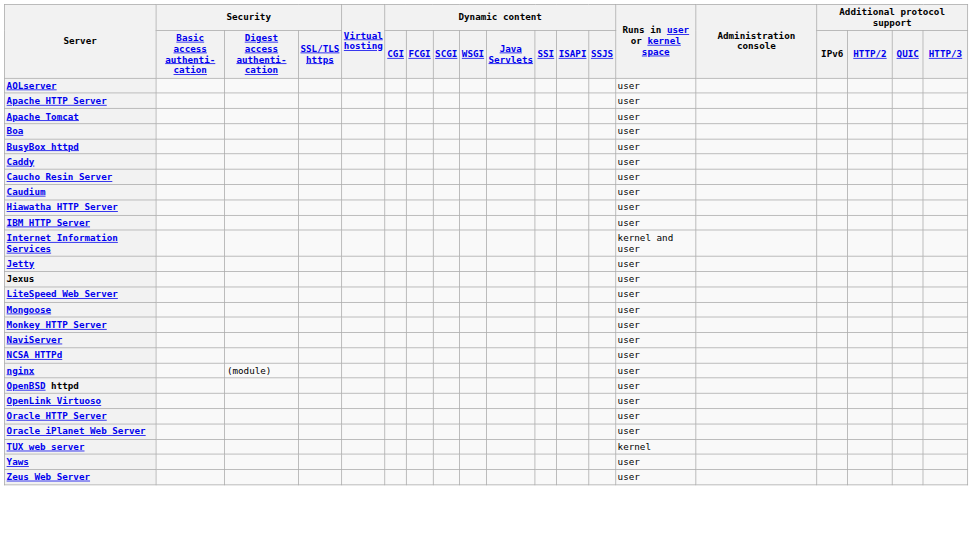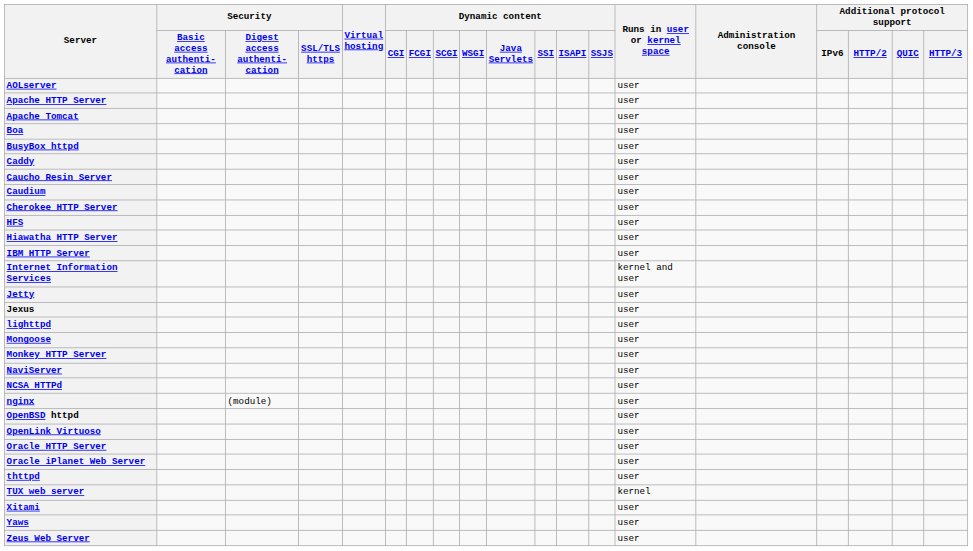 <table class="wikitable sortable sort-under sticky-header-multi" style="font-size: small;">
 <tr>
 <th rowspan="2">Server</th>
 <th colspan="3">Security</th>
 <th rowspan="2"><a href='#'>Virtual<br>hosting</a></th>
 <th colspan="8">Dynamic content</th>
 <th rowspan="2">Runs in <a href='#'>user</a><br>or <a href='#'>kernel space</a></th>
 <th rowspan="2">Administration console</th>
 <th colspan="4">Additional protocol support</th>
 </tr>
 <tr>
 <th><a href='#'>Basic access<br>authenti-<br>cation</a></th>
 <th><a href='#'>Digest access<br>authenti-<br>cation</a></th>
 <th><a href='#'>SSL/TLS</a><br><a href='#'>https</a></th>
 <th><a href='#'>CGI</a></th>
 <th><a href='#'>FCGI</a></th>
 <th><a href='#'>SCGI</a></th>
 <th><a href='#'>WSGI</a></th>
 <th><a href='#'>Java<br>Servlets</a></th>
 <th><a href='#'>SSI</a></th>
 <th><a href='#'>ISAPI</a></th>
 <th><a href='#'>SSJS</a></th>
 <th>IPv6</th>
 <th><a href='#'>HTTP/2</a></th>
 <th><a href='#'>QUIC</a></th>
 <th><a href='#'>HTTP/3</a></th>
 </tr>
 <tr>
 <th style="text-align: left"><a href='#'>AOLserver</a></th>
 <td></td>
 <td></td>
 <td></td>
 <td></td>
 <td></td>
 <td></td>
 <td></td>
 <td></td>
 <td></td>
 <td></td>
 <td></td>
 <td></td>
 <td>user</td>
 <td></td>
 <td></td>
 <td></td>
 <td></td>
 <td></td>
 </tr>
 <tr>
 <th style="text-align: left"><a href='#'>Apache HTTP Server</a></th>
 <td></td>
 <td></td>
 <td></td>
 <td></td>
 <td></td>
 <td></td>
 <td></td>
 <td></td>
 <td></td>
 <td></td>
 <td></td>
 <td></td>
 <td>user</td>
 <td></td>
 <td></td>
 <td></td>
 <td></td>
 <td></td>
 </tr>
 <tr>
 <th style="text-align: left"><a href='#'>Apache Tomcat</a></th>
 <td></td>
 <td></td>
 <td></td>
 <td></td>
 <td></td>
 <td></td>
 <td></td>
 <td></td>
 <td></td>
 <td></td>
 <td></td>
 <td></td>
 <td>user</td>
 <td></td>
 <td></td>
 <td></td>
 <td></td>
 <td></td>
 </tr>
 <tr>
 <th style="text-align: left"><a href='#'>Boa</a></th>
 <td></td>
 <td></td>
 <td></td>
 <td></td>
 <td></td>
 <td></td>
 <td></td>
 <td></td>
 <td></td>
 <td></td>
 <td></td>
 <td></td>
 <td>user</td>
 <td></td>
 <td></td>
 <td></td>
 <td></td>
 <td></td>
 </tr>
 <tr>
 <th style="text-align: left"><a href='#'>BusyBox httpd</a></th>
 <td></td>
 <td></td>
 <td></td>
 <td></td>
 <td></td>
 <td></td>
 <td></td>
 <td></td>
 <td></td>
 <td></td>
 <td></td>
 <td></td>
 <td>user</td>
 <td></td>
 <td></td>
 <td></td>
 <td></td>
 <td></td>
 </tr>
 <tr>
 <th style="text-align: left"><a href='#'>Caddy</a></th>
 <td></td>
 <td></td>
 <td></td>
 <td></td>
 <td></td>
 <td></td>
 <td></td>
 <td></td>
 <td></td>
 <td></td>
 <td></td>
 <td></td>
 <td>user</td>
 <td></td>
 <td></td>
 <td></td>
 <td></td>
 <td></td>
 </tr>
 <tr>
 <th style="text-align: left"><a href='#'>Caucho Resin Server</a></th>
 <td></td>
 <td></td>
 <td></td>
 <td></td>
 <td></td>
 <td></td>
 <td></td>
 <td></td>
 <td></td>
 <td></td>
 <td></td>
 <td></td>
 <td>user</td>
 <td></td>
 <td></td>
 <td></td>
 <td></td>
 <td></td>
 </tr>
 <tr>
 <th style="text-align: left"><a href='#'>Caudium</a></th>
 <td></td>
 <td></td>
 <td></td>
 <td></td>
 <td></td>
 <td></td>
 <td></td>
 <td></td>
 <td></td>
 <td></td>
 <td></td>
 <td></td>
 <td>user</td>
 <td></td>
 <td></td>
 <td></td>
 <td></td>
 <td></td>
 </tr>
 <tr>
+<th style="text-align: left"><a href='#'>Cherokee HTTP Server</a></th>
+<td></td>
+<td></td>
+<td></td>
+<td></td>
+<td></td>
+<td></td>
+<td></td>
+<td></td>
+<td></td>
+<td></td>
+<td></td>
+<td></td>
+<td>user</td>
+<td></td>
+<td></td>
+<td></td>
+<td></td>
+<td></td>
+</tr>
+<tr>
+<th style="text-align: left"><a href='#'>HFS</a></th>
+<td></td>
+<td></td>
+<td></td>
+<td></td>
+<td></td>
+<td></td>
+<td></td>
+<td></td>
+<td></td>
+<td></td>
+<td></td>
+<td></td>
+<td>user</td>
+<td></td>
+<td></td>
+<td></td>
+<td></td>
+<td></td>
+</tr>
+<tr>
 <th style="text-align: left"><a href='#'>Hiawatha HTTP Server</a></th>
 <td></td>
 <td></td>
 <td></td>
 <td></td>
 <td></td>
 <td></td>
 <td></td>
 <td></td>
 <td></td>
 <td></td>
 <td></td>
 <td></td>
 <td>user</td>
 <td></td>
 <td></td>
 <td></td>
 <td></td>
 <td></td>
 </tr>
 <tr>
 <th style="text-align: left"><a href='#'>IBM HTTP Server</a></th>
 <td></td>
 <td></td>
 <td></td>
 <td></td>
 <td></td>
 <td></td>
 <td></td>
 <td></td>
 <td></td>
 <td></td>
 <td></td>
 <td></td>
 <td>user</td>
 <td></td>
 <td></td>
 <td></td>
 <td></td>
 <td></td>
 </tr>
 <tr>
 <th style="text-align: left"><a href='#'>Internet Information Services</a></th>
 <td></td>
 <td></td>
 <td></td>
 <td></td>
 <td></td>
 <td></td>
 <td></td>
 <td></td>
 <td></td>
 <td></td>
 <td></td>
 <td></td>
 <td>kernel and user</td>
 <td></td>
 <td></td>
 <td></td>
 <td></td>
 <td></td>
 </tr>
 <tr>
 <th style="text-align: left"><a href='#'>Jetty</a></th>
 <td></td>
 <td></td>
 <td></td>
 <td></td>
 <td></td>
 <td></td>
 <td></td>
 <td></td>
 <td></td>
 <td></td>
 <td></td>
 <td></td>
 <td>user</td>
 <td></td>
 <td></td>
 <td></td>
 <td></td>
 <td></td>
 </tr>
 <tr>
 <th style="text-align: left">Jexus</th>
 <td></td>
 <td></td>
 <td></td>
 <td></td>
 <td></td>
 <td></td>
 <td></td>
 <td></td>
 <td></td>
 <td></td>
 <td></td>
 <td></td>
 <td>user</td>
 <td></td>
 <td></td>
 <td></td>
 <td></td>
 <td></td>
 </tr>
 <tr>
-<th style="text-align: left"><a href='#'>LiteSpeed Web Server</a></th>
+<th style="text-align: left"><a href='#'>lighttpd</a></th>
 <td></td>
 <td></td>
 <td></td>
 <td></td>
 <td></td>
 <td></td>
 <td></td>
 <td></td>
 <td></td>
 <td></td>
 <td></td>
 <td></td>
 <td>user</td>
 <td></td>
 <td></td>
 <td></td>
 <td></td>
 <td></td>
 </tr>
 <tr>
 <th style="text-align: left"><a href='#'>Mongoose</a></th>
 <td></td>
 <td></td>
 <td></td>
 <td></td>
 <td></td>
 <td></td>
 <td></td>
 <td></td>
 <td></td>
 <td></td>
 <td></td>
 <td></td>
 <td>user</td>
 <td></td>
 <td></td>
 <td></td>
 <td></td>
 <td></td>
 </tr>
 <tr>
 <th style="text-align: left"><a href='#'>Monkey HTTP Server</a></th>
 <td></td>
 <td></td>
 <td></td>
 <td></td>
 <td></td>
 <td></td>
 <td></td>
 <td></td>
 <td></td>
 <td></td>
 <td></td>
 <td></td>
 <td>user</td>
 <td></td>
 <td></td>
 <td></td>
 <td></td>
 <td></td>
 </tr>
 <tr>
 <th style="text-align: left"><a href='#'>NaviServer</a></th>
 <td></td>
 <td></td>
 <td></td>
 <td></td>
 <td></td>
 <td></td>
 <td></td>
 <td></td>
 <td></td>
 <td></td>
 <td></td>
 <td></td>
 <td>user</td>
 <td></td>
 <td></td>
 <td></td>
 <td></td>
 <td></td>
 </tr>
 <tr>
 <th style="text-align: left"><a href='#'>NCSA HTTPd</a></th>
 <td></td>
 <td></td>
 <td></td>
 <td></td>
 <td></td>
 <td></td>
 <td></td>
 <td></td>
 <td></td>
 <td></td>
 <td></td>
 <td></td>
 <td>user</td>
 <td></td>
 <td></td>
 <td></td>
 <td></td>
 <td></td>
 </tr>
 <tr>
 <th style="text-align: left"><a href='#'>nginx</a></th>
 <td></td>
 <td> (module)</td>
 <td></td>
 <td></td>
 <td></td>
 <td></td>
 <td></td>
 <td></td>
 <td></td>
 <td></td>
 <td></td>
 <td></td>
 <td>user</td>
 <td></td>
 <td></td>
 <td></td>
 <td></td>
 <td></td>
 </tr>
 <tr>
 <th style="text-align: left"><a href='#'>OpenBSD</a> httpd</th>
 <td></td>
 <td></td>
 <td></td>
 <td></td>
 <td></td>
 <td></td>
 <td></td>
 <td></td>
 <td></td>
 <td></td>
 <td></td>
 <td></td>
 <td>user</td>
 <td></td>
 <td></td>
 <td></td>
 <td></td>
 <td></td>
 </tr>
 <tr>
 <th style="text-align: left"><a href='#'>OpenLink Virtuoso</a></th>
 <td></td>
 <td></td>
 <td></td>
 <td></td>
 <td></td>
 <td></td>
 <td></td>
 <td></td>
 <td></td>
 <td></td>
 <td></td>
 <td></td>
 <td>user</td>
 <td></td>
 <td></td>
 <td></td>
 <td></td>
 <td></td>
 </tr>
 <tr>
 <th style="text-align: left"><a href='#'>Oracle HTTP Server</a></th>
 <td></td>
 <td></td>
 <td></td>
 <td></td>
 <td></td>
 <td></td>
 <td></td>
 <td></td>
 <td></td>
 <td></td>
 <td></td>
 <td></td>
 <td>user</td>
 <td></td>
 <td></td>
 <td></td>
 <td></td>
 <td></td>
 </tr>
 <tr>
 <th style="text-align: left"><a href='#'>Oracle iPlanet Web Server</a></th>
 <td></td>
 <td></td>
 <td></td>
 <td></td>
 <td></td>
 <td></td>
 <td></td>
 <td></td>
 <td></td>
 <td></td>
 <td></td>
 <td></td>
 <td>user</td>
 <td></td>
 <td></td>
 <td></td>
 <td></td>
 <td></td>
 </tr>
 <tr>
+<th style="text-align: left"><a href='#'>thttpd</a></th>
+<td></td>
+<td></td>
+<td></td>
+<td></td>
+<td></td>
+<td></td>
+<td></td>
+<td></td>
+<td></td>
+<td></td>
+<td></td>
+<td></td>
+<td>user</td>
+<td></td>
+<td></td>
+<td></td>
+<td></td>
+<td></td>
+</tr>
+<tr>
 <th style="text-align: left"><a href='#'>TUX web server</a></th>
 <td></td>
 <td></td>
 <td></td>
 <td></td>
 <td></td>
 <td></td>
 <td></td>
 <td></td>
 <td></td>
 <td></td>
 <td></td>
 <td></td>
 <td>kernel</td>
+<td></td>
+<td></td>
+<td></td>
+<td></td>
+<td></td>
+</tr>
+<tr>
+<th style="text-align: left"><a href='#'>Xitami</a></th>
+<td></td>
+<td></td>
+<td></td>
+<td></td>
+<td></td>
+<td></td>
+<td></td>
+<td></td>
+<td></td>
+<td></td>
+<td></td>
+<td></td>
+<td>user</td>
 <td></td>
 <td></td>
 <td></td>
 <td></td>
 <td></td>
 </tr>
 <tr>
 <th style="text-align: left"><a href='#'>Yaws</a></th>
 <td></td>
 <td></td>
 <td></td>
 <td></td>
 <td></td>
 <td></td>
 <td></td>
 <td></td>
 <td></td>
 <td></td>
 <td></td>
 <td></td>
 <td>user</td>
 <td></td>
 <td></td>
 <td></td>
 <td></td>
 <td></td>
 </tr>
 <tr>
 <th style="text-align: left"><a href='#'>Zeus Web Server</a></th>
 <td></td>
 <td></td>
 <td></td>
 <td></td>
 <td></td>
 <td></td>
 <td></td>
 <td></td>
 <td></td>
 <td></td>
 <td></td>
 <td></td>
 <td>user</td>
 <td></td>
 <td></td>
 <td></td>
 <td></td>
 <td></td>
 </tr>
 </table>
